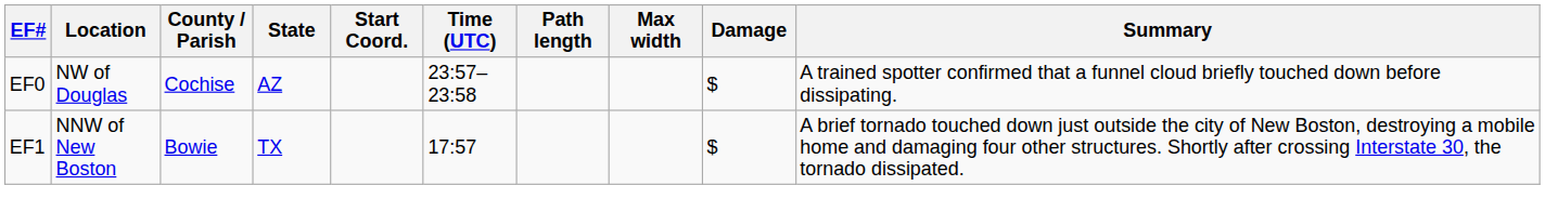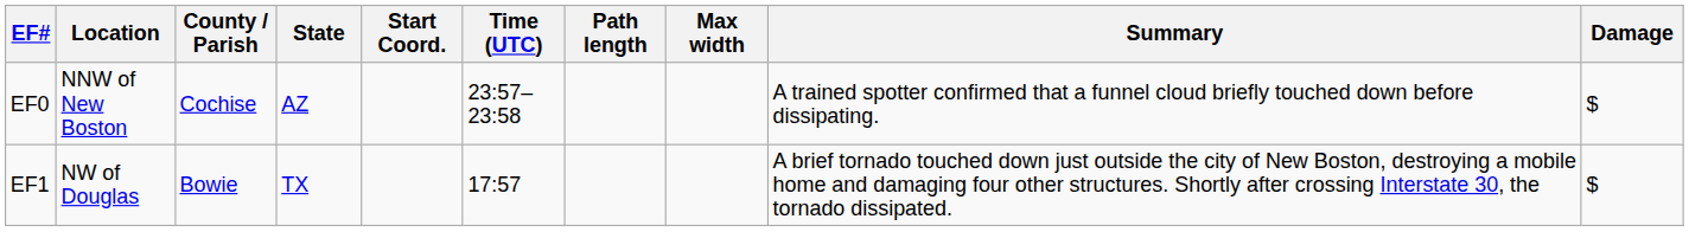 <table class="wikitable sortable" style="width:100%;">
 <tr>
 <th scope="col"  style="width:3%; text-align:center;"><a href='#'>EF#</a></th>
 <th scope="col"  style="width:7%; text-align:center;" class="unsortable">Location</th>
 <th scope="col"  style="width:6%; text-align:center;" class="unsortable">County / Parish</th>
 <th scope="col"  style="width:5%; text-align:center;">State</th>
 <th scope="col"  style="width:6%; text-align:center;">Start Coord.</th>
 <th scope="col"  style="width:6%; text-align:center;">Time (<a href='#'>UTC</a>)</th>
 <th scope="col"  style="width:6%; text-align:center;">Path length</th>
 <th scope="col"  style="width:6%; text-align:center;">Max width</th>
+<th scope="col" class="unsortable" style="width:48%; text-align:center;">Summary</th>
 <th scope="col"  style="width:6%; text-align:center;">Damage</th>
-<th scope="col" class="unsortable" style="width:48%; text-align:center;">Summary</th>
 </tr>
 <tr>
 <td>EF0</td>
-<td>NW of <a href='#'>Douglas</a></td>
+<td>NNW of <a href='#'>New Boston</a></td>
 <td><a href='#'>Cochise</a></td>
 <td><a href='#'>AZ</a></td>
 <td></td>
 <td>23:57–23:58</td>
 <td></td>
 <td></td>
+<td>A trained spotter confirmed that a funnel cloud briefly touched down before dissipating.</td>
 <td>$</td>
-<td>A trained spotter confirmed that a funnel cloud briefly touched down before dissipating.</td>
 </tr>
 <tr>
 <td>EF1</td>
-<td>NNW of <a href='#'>New Boston</a></td>
+<td>NW of <a href='#'>Douglas</a></td>
 <td><a href='#'>Bowie</a></td>
 <td><a href='#'>TX</a></td>
 <td></td>
 <td>17:57</td>
 <td></td>
 <td></td>
+<td>A brief tornado touched down just outside the city of New Boston, destroying a mobile home and damaging four other structures. Shortly after crossing <a href='#'>Interstate 30</a>, the tornado dissipated.</td>
 <td>$</td>
-<td>A brief tornado touched down just outside the city of New Boston, destroying a mobile home and damaging four other structures. Shortly after crossing <a href='#'>Interstate 30</a>, the tornado dissipated.</td>
 </tr>
 </table>
